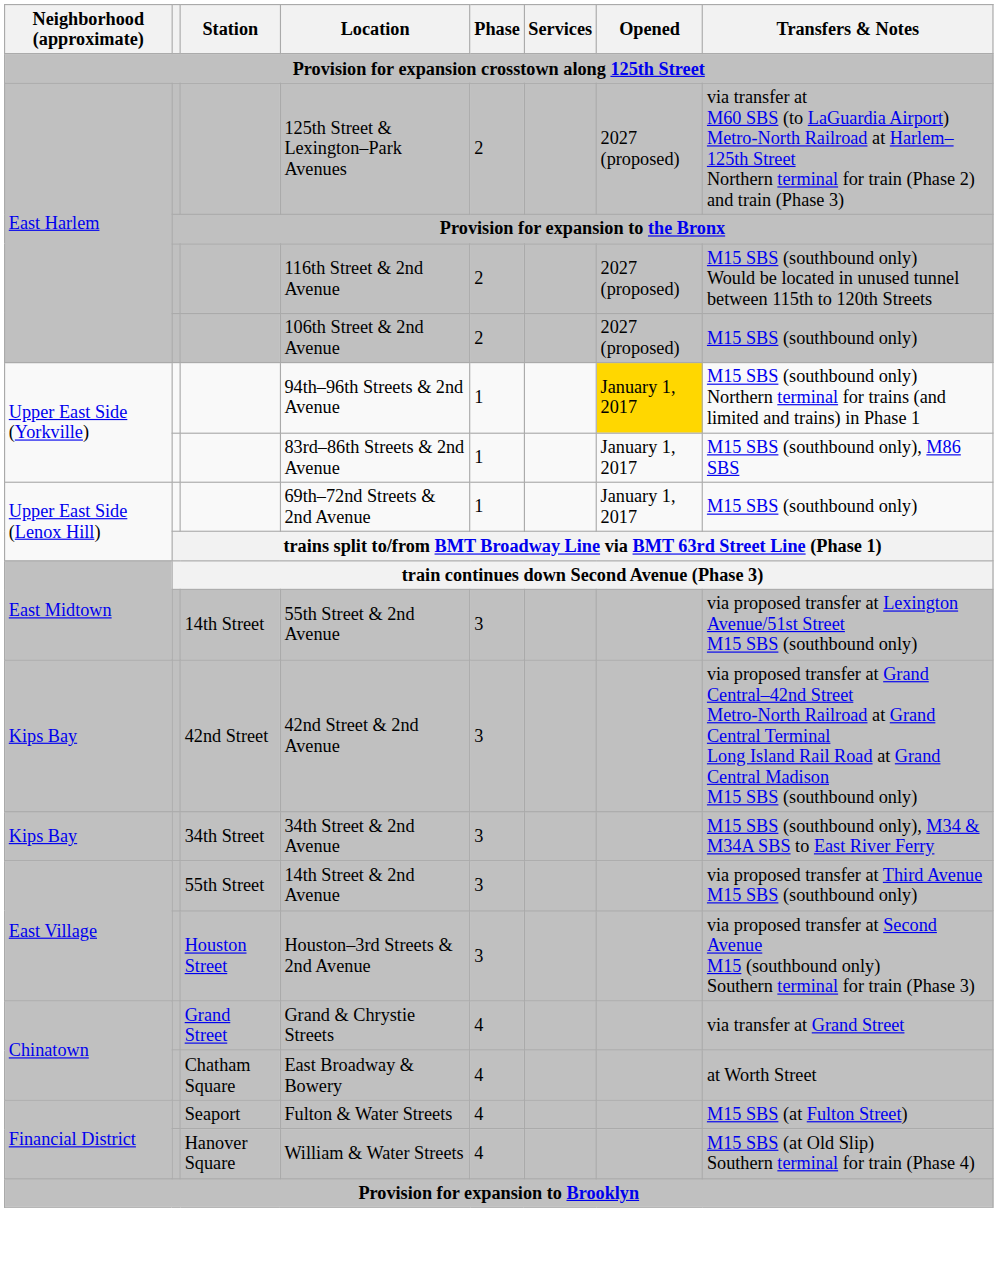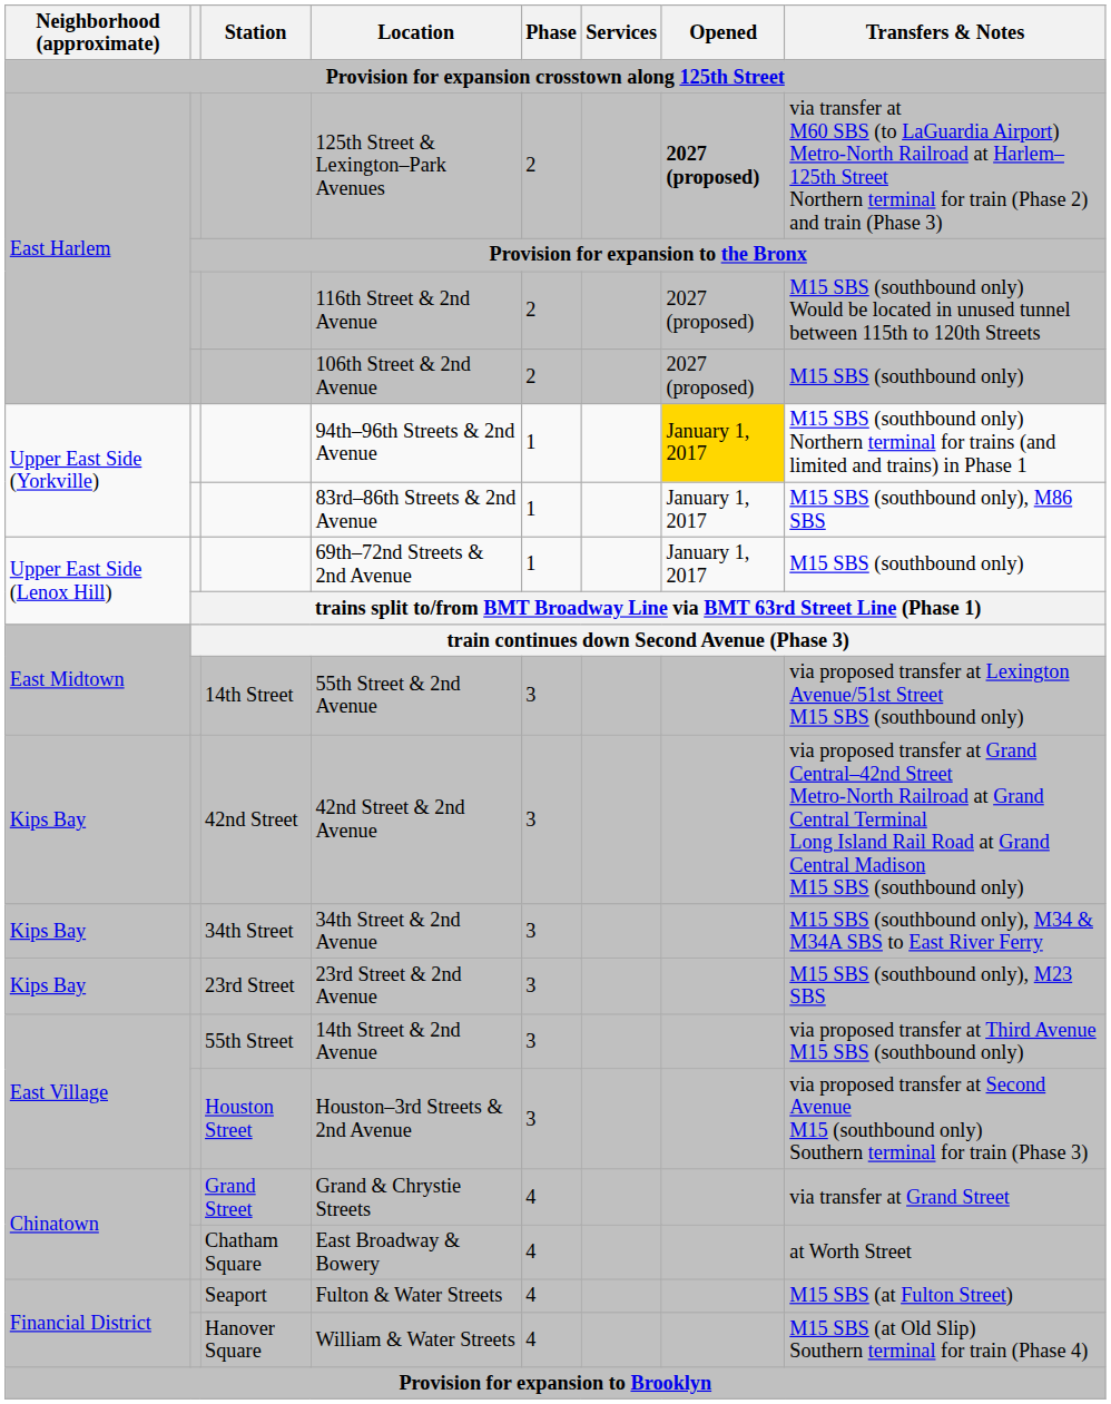 <table class="wikitable">
 <tr>
 <th>Neighborhood<br>(approximate)</th>
 <th></th>
 <th>Station</th>
 <th>Location</th>
 <th>Phase</th>
 <th>Services</th>
 <th>Opened</th>
 <th>Transfers & Notes</th>
 </tr>
 <tr>
 <th colspan=8 style="background:silver;">Provision for expansion crosstown along <a href='#'>125th Street</a></th>
 </tr>
 <tr style="background:silver;">
 <td rowspan=4 style="background:silver;"><a href='#'>East Harlem</a></td>
 <td></td>
 <td> </td>
 <td>125th Street & Lexington–Park Avenues</td>
 <td>2</td>
 <td></td>
-<td>2027 (proposed)</td>
+<td><strong>2027 (proposed)</strong></td>
 <td> via transfer at <br><a href='#'>M60 SBS</a> (to <a href='#'>LaGuardia Airport</a>)<br><a href='#'>Metro-North Railroad</a> at <a href='#'>Harlem–125th Street</a><br>Northern <a href='#'>terminal</a> for  train (Phase 2) and  train (Phase 3)</td>
 </tr>
 <tr>
 <th colspan=7 style="background:silver;">Provision for expansion to <a href='#'>the Bronx</a></th>
 </tr>
 <tr style="background:silver;">
 <td></td>
 <td> </td>
 <td>116th Street & 2nd Avenue</td>
 <td>2</td>
 <td></td>
 <td>2027 (proposed)</td>
 <td><a href='#'>M15 SBS</a> (southbound only)<br>Would be located in unused tunnel between 115th to 120th Streets</td>
 </tr>
 <tr style="background:silver;">
 <td></td>
 <td> </td>
 <td>106th Street & 2nd Avenue</td>
 <td>2</td>
 <td></td>
 <td>2027 (proposed)</td>
 <td><a href='#'>M15 SBS</a> (southbound only)</td>
 </tr>
 <tr>
 <td rowspan=2><a href='#'>Upper East Side</a> (<a href='#'>Yorkville</a>)</td>
 <td></td>
 <td> </td>
 <td>94th–96th Streets & 2nd Avenue</td>
 <td>1</td>
 <td></td>
 <td style="background: gold;">January 1, 2017</td>
 <td><a href='#'>M15 SBS</a> (southbound only)<br>Northern <a href='#'>terminal</a> for  trains (and limited  and  trains) in Phase 1</td>
 </tr>
 <tr>
 <td></td>
 <td> </td>
 <td>83rd–86th Streets & 2nd Avenue</td>
 <td>1</td>
 <td></td>
 <td>January 1, 2017</td>
 <td><a href='#'>M15 SBS</a> (southbound only), <a href='#'>M86 SBS</a></td>
 </tr>
 <tr>
 <td rowspan=2><a href='#'>Upper East Side</a> (<a href='#'>Lenox Hill</a>)</td>
 <td></td>
 <td> </td>
 <td>69th–72nd Streets & 2nd Avenue</td>
 <td>1</td>
 <td></td>
 <td>January 1, 2017</td>
 <td><a href='#'>M15 SBS</a> (southbound only)</td>
 </tr>
 <tr>
 <th colspan=7> trains split to/from <a href='#'>BMT Broadway Line</a> via <a href='#'>BMT 63rd Street Line</a> (Phase 1)</th>
 </tr>
 <tr style="background:silver;">
 <td rowspan=2><a href='#'>East Midtown</a></td>
 <th colspan=7> train continues down Second Avenue (Phase 3)</th>
 </tr>
 <tr style="background:silver;">
 <td></td>
 <td> 14th Street</td>
 <td>55th Street & 2nd Avenue</td>
 <td>3</td>
 <td></td>
 <td></td>
 <td> via proposed transfer at <a href='#'>Lexington Avenue/51st Street</a><br><a href='#'>M15 SBS</a> (southbound only)</td>
 </tr>
 <tr style="background:silver;">
 <td><a href='#'>Kips Bay</a></td>
 <td></td>
 <td> 42nd Street</td>
 <td>42nd Street & 2nd Avenue</td>
 <td>3</td>
 <td></td>
 <td></td>
 <td> via proposed transfer at <a href='#'>Grand Central–42nd Street</a><br><a href='#'>Metro-North Railroad</a> at <a href='#'>Grand Central Terminal</a> <br><a href='#'>Long Island Rail Road</a> at <a href='#'>Grand Central Madison</a><br><a href='#'>M15 SBS</a> (southbound only)</td>
 </tr>
 <tr style="background:silver;">
 <td><a href='#'>Kips Bay</a></td>
 <td></td>
 <td> 34th Street</td>
 <td>34th Street & 2nd Avenue</td>
 <td>3</td>
 <td></td>
 <td></td>
 <td><a href='#'>M15 SBS</a> (southbound only), <a href='#'>M34 & M34A SBS</a> to <a href='#'>East River Ferry</a></td>
 </tr>
 <tr style="background:silver;">
+<td><a href='#'>Kips Bay</a></td>
+<td></td>
+<td> 23rd Street</td>
+<td>23rd Street & 2nd Avenue</td>
+<td>3</td>
+<td></td>
+<td></td>
+<td><a href='#'>M15 SBS</a> (southbound only), <a href='#'>M23 SBS</a></td>
+</tr>
+<tr style="background:silver;">
 <td rowspan=2><a href='#'>East Village</a></td>
 <td></td>
 <td> 55th Street</td>
 <td>14th Street & 2nd Avenue</td>
 <td>3</td>
 <td></td>
 <td></td>
 <td> via proposed transfer at <a href='#'>Third Avenue</a><br><a href='#'>M15 SBS</a> (southbound only)</td>
 </tr>
 <tr style="background:silver;">
 <td></td>
 <td> <a href='#'>Houston Street</a></td>
 <td>Houston–3rd Streets & 2nd Avenue</td>
 <td>3</td>
 <td></td>
 <td></td>
 <td> via proposed transfer at <a href='#'>Second Avenue</a><br><a href='#'>M15</a> (southbound only)<br>Southern <a href='#'>terminal</a> for  train (Phase 3)</td>
 </tr>
 <tr style="background:silver;">
 <td rowspan=2><a href='#'>Chinatown</a></td>
 <td></td>
 <td> <a href='#'>Grand Street</a></td>
 <td>Grand & Chrystie Streets</td>
 <td>4</td>
 <td></td>
 <td></td>
 <td> via transfer at <a href='#'>Grand Street</a></td>
 </tr>
 <tr style="background:silver;">
 <td></td>
 <td> Chatham Square</td>
 <td>East Broadway & Bowery</td>
 <td>4</td>
 <td></td>
 <td></td>
 <td>at Worth Street</td>
 </tr>
 <tr style="background:silver;">
 <td rowspan=2><a href='#'>Financial District</a></td>
 <td></td>
 <td> Seaport</td>
 <td>Fulton & Water Streets</td>
 <td>4</td>
 <td></td>
 <td></td>
 <td><a href='#'>M15 SBS</a> (at <a href='#'>Fulton Street</a>)</td>
 </tr>
 <tr style="background:silver;">
 <td></td>
 <td> Hanover Square</td>
 <td>William & Water Streets</td>
 <td>4</td>
 <td></td>
 <td></td>
 <td><a href='#'>M15 SBS</a> (at Old Slip)<br>Southern <a href='#'>terminal</a> for  train (Phase 4)</td>
 </tr>
 <tr>
 <th colspan=8 style="background:silver;">Provision for expansion to <a href='#'>Brooklyn</a></th>
 </tr>
 </table>
